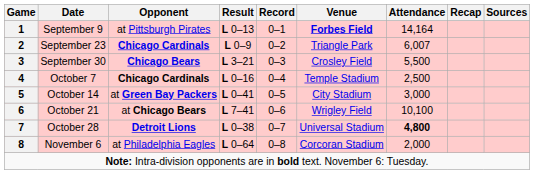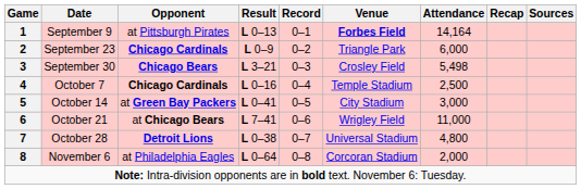 <table class="wikitable" style="text-align:center">
 <tr>
 <th>Game</th>
 <th>Date</th>
 <th>Opponent</th>
 <th>Result</th>
 <th>Record</th>
 <th>Venue</th>
 <th>Attendance</th>
 <th>Recap</th>
 <th>Sources</th>
 </tr>
 <tr style="background:#fcc">
 <th>1</th>
 <td>September 9</td>
 <td>at <a href='#'>Pittsburgh Pirates</a></td>
 <td><strong>L</strong> 0–13</td>
 <td>0–1</td>
 <td><strong><a href='#'>Forbes Field</a></strong></td>
 <td>14,164</td>
 <td></td>
 <td></td>
 </tr>
 <tr style="background:#fcc">
 <th>2</th>
 <td>September 23</td>
 <td><strong><a href='#'>Chicago Cardinals</a></strong></td>
 <td><strong>L</strong> 0–9</td>
 <td>0–2</td>
 <td><a href='#'>Triangle Park</a></td>
-<td>6,007</td>
+<td>6,000</td>
 <td></td>
 <td></td>
 </tr>
 <tr style="background:#fcc">
 <th>3</th>
 <td>September 30</td>
 <td><strong><a href='#'>Chicago Bears</a></strong></td>
 <td><strong>L</strong> 3–21</td>
 <td>0–3</td>
 <td><a href='#'>Crosley Field</a></td>
-<td>5,500</td>
+<td>5,498</td>
 <td></td>
 <td></td>
 </tr>
 <tr style="background:#fcc">
 <th>4</th>
 <td>October 7</td>
 <td><strong>Chicago Cardinals</strong></td>
 <td><strong>L</strong> 0–16</td>
 <td>0–4</td>
 <td><a href='#'>Temple Stadium</a></td>
 <td>2,500</td>
 <td></td>
 <td></td>
 </tr>
 <tr style="background:#fcc">
 <th>5</th>
 <td>October 14</td>
 <td>at <strong><a href='#'>Green Bay Packers</a></strong></td>
 <td><strong>L</strong> 0–41</td>
 <td>0–5</td>
 <td><a href='#'>City Stadium</a></td>
 <td>3,000</td>
 <td></td>
 <td></td>
 </tr>
 <tr style="background:#fcc">
 <th>6</th>
 <td>October 21</td>
 <td>at <strong>Chicago Bears</strong></td>
 <td><strong>L</strong> 7–41</td>
 <td>0–6</td>
 <td><a href='#'>Wrigley Field</a></td>
-<td>10,100</td>
+<td>11,000</td>
 <td></td>
 <td></td>
 </tr>
 <tr style="background:#fcc">
 <th>7</th>
 <td>October 28</td>
 <td><strong><a href='#'>Detroit Lions</a></strong></td>
 <td><strong>L</strong> 0–38</td>
 <td>0–7</td>
 <td><a href='#'>Universal Stadium</a></td>
-<td><strong>4,800</strong></td>
+<td>4,800</td>
 <td></td>
 <td></td>
 </tr>
 <tr style="background:#fcc">
 <th>8</th>
 <td>November 6</td>
 <td>at <a href='#'>Philadelphia Eagles</a></td>
 <td><strong>L</strong> 0–64</td>
 <td>0–8</td>
 <td><a href='#'>Corcoran Stadium</a></td>
 <td>2,000</td>
 <td></td>
 <td></td>
 </tr>
 <tr>
 <td colspan="10"><strong>Note:</strong> Intra-division opponents are in <strong>bold</strong> text. November 6: Tuesday.</td>
 </tr>
 </table>
